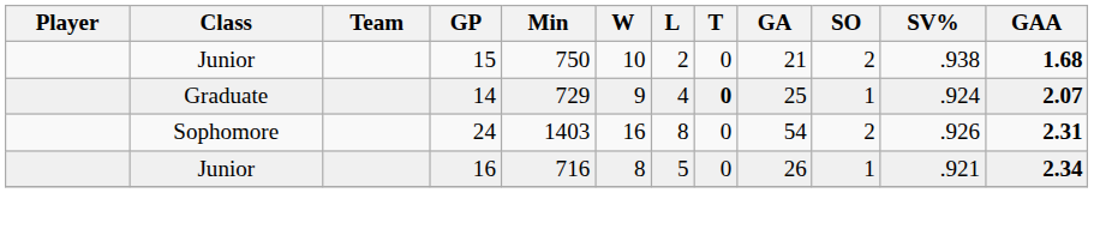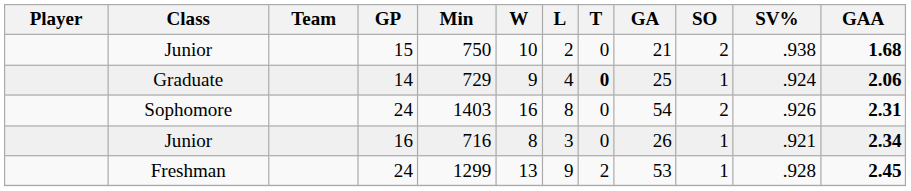 <table class="wikitable sortable" style="text-align: center; "width=60%">
 <tr>
 <th>Player</th>
 <th>Class</th>
 <th>Team</th>
 <th>GP</th>
 <th>Min</th>
 <th>W</th>
 <th>L</th>
 <th>T</th>
 <th>GA</th>
 <th>SO</th>
 <th>SV%</th>
 <th>GAA</th>
 </tr>
 <tr>
 <td style="text-align: left"></td>
 <td>Junior</td>
 <td><strong><a href='#'></a></strong></td>
 <td style="text-align: right">15</td>
 <td style="text-align: right">750</td>
 <td style="text-align: right">10</td>
 <td style="text-align: right">2</td>
 <td style="text-align: right">0</td>
 <td style="text-align: right">21</td>
 <td style="text-align: right">2</td>
 <td style="text-align: right">.938</td>
 <td style="text-align: right"><strong>1.68</strong></td>
 </tr>
 <tr bgcolor=f0f0f0>
 <td style="text-align: left"></td>
 <td>Graduate</td>
 <td><strong><a href='#'></a></strong></td>
 <td style="text-align: right">14</td>
 <td style="text-align: right">729</td>
 <td style="text-align: right">9</td>
 <td style="text-align: right">4</td>
 <td style="text-align: right"><strong>0</strong></td>
 <td style="text-align: right">25</td>
 <td style="text-align: right">1</td>
 <td style="text-align: right">.924</td>
-<td style="text-align: right"><strong>2.07</strong></td>
+<td style="text-align: right"><strong>2.06</strong></td>
 </tr>
 <tr>
 <td style="text-align: left"></td>
 <td>Sophomore</td>
 <td><strong><a href='#'></a></strong></td>
 <td style="text-align: right">24</td>
 <td style="text-align: right">1403</td>
 <td style="text-align: right">16</td>
 <td style="text-align: right">8</td>
 <td style="text-align: right">0</td>
 <td style="text-align: right">54</td>
 <td style="text-align: right">2</td>
 <td style="text-align: right">.926</td>
 <td style="text-align: right"><strong>2.31</strong></td>
 </tr>
 <tr bgcolor=f0f0f0>
 <td style="text-align: left"></td>
 <td>Junior</td>
 <td><strong><a href='#'></a></strong></td>
 <td style="text-align: right">16</td>
 <td style="text-align: right">716</td>
 <td style="text-align: right">8</td>
-<td style="text-align: right">5</td>
+<td style="text-align: right">3</td>
 <td style="text-align: right">0</td>
 <td style="text-align: right">26</td>
 <td style="text-align: right">1</td>
 <td style="text-align: right">.921</td>
 <td style="text-align: right"><strong>2.34</strong></td>
 </tr>
 <tr>
+<td style="text-align: left"></td>
+<td>Freshman</td>
+<td><strong><a href='#'></a></strong></td>
+<td style="text-align: right">24</td>
+<td style="text-align: right">1299</td>
+<td style="text-align: right">13</td>
+<td style="text-align: right">9</td>
+<td style="text-align: right">2</td>
+<td style="text-align: right">53</td>
+<td style="text-align: right">1</td>
+<td style="text-align: right">.928</td>
+<td style="text-align: right"><strong>2.45</strong></td>
+</tr>
+<tr>
 </tr>
 </table>
